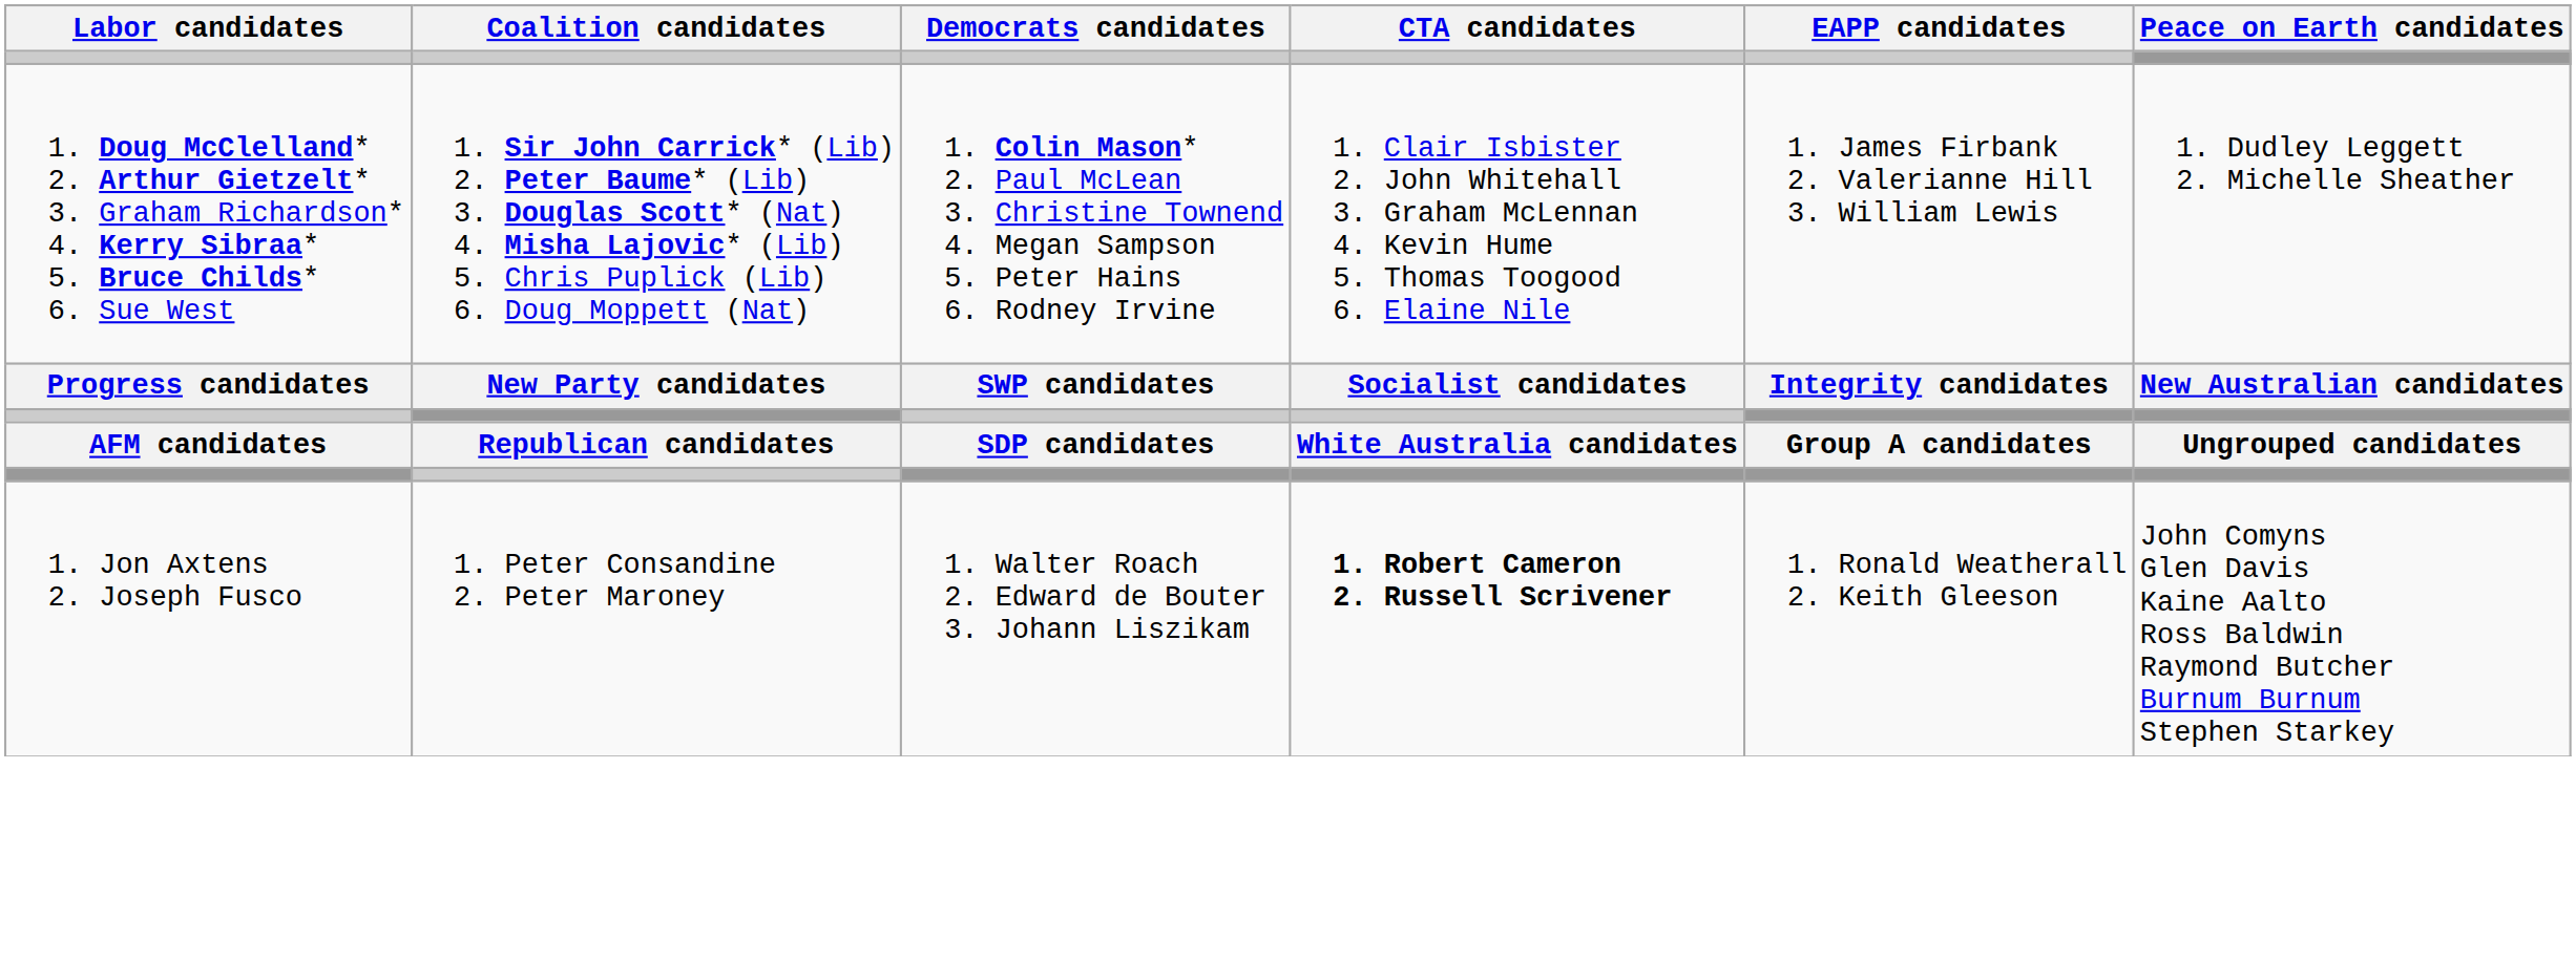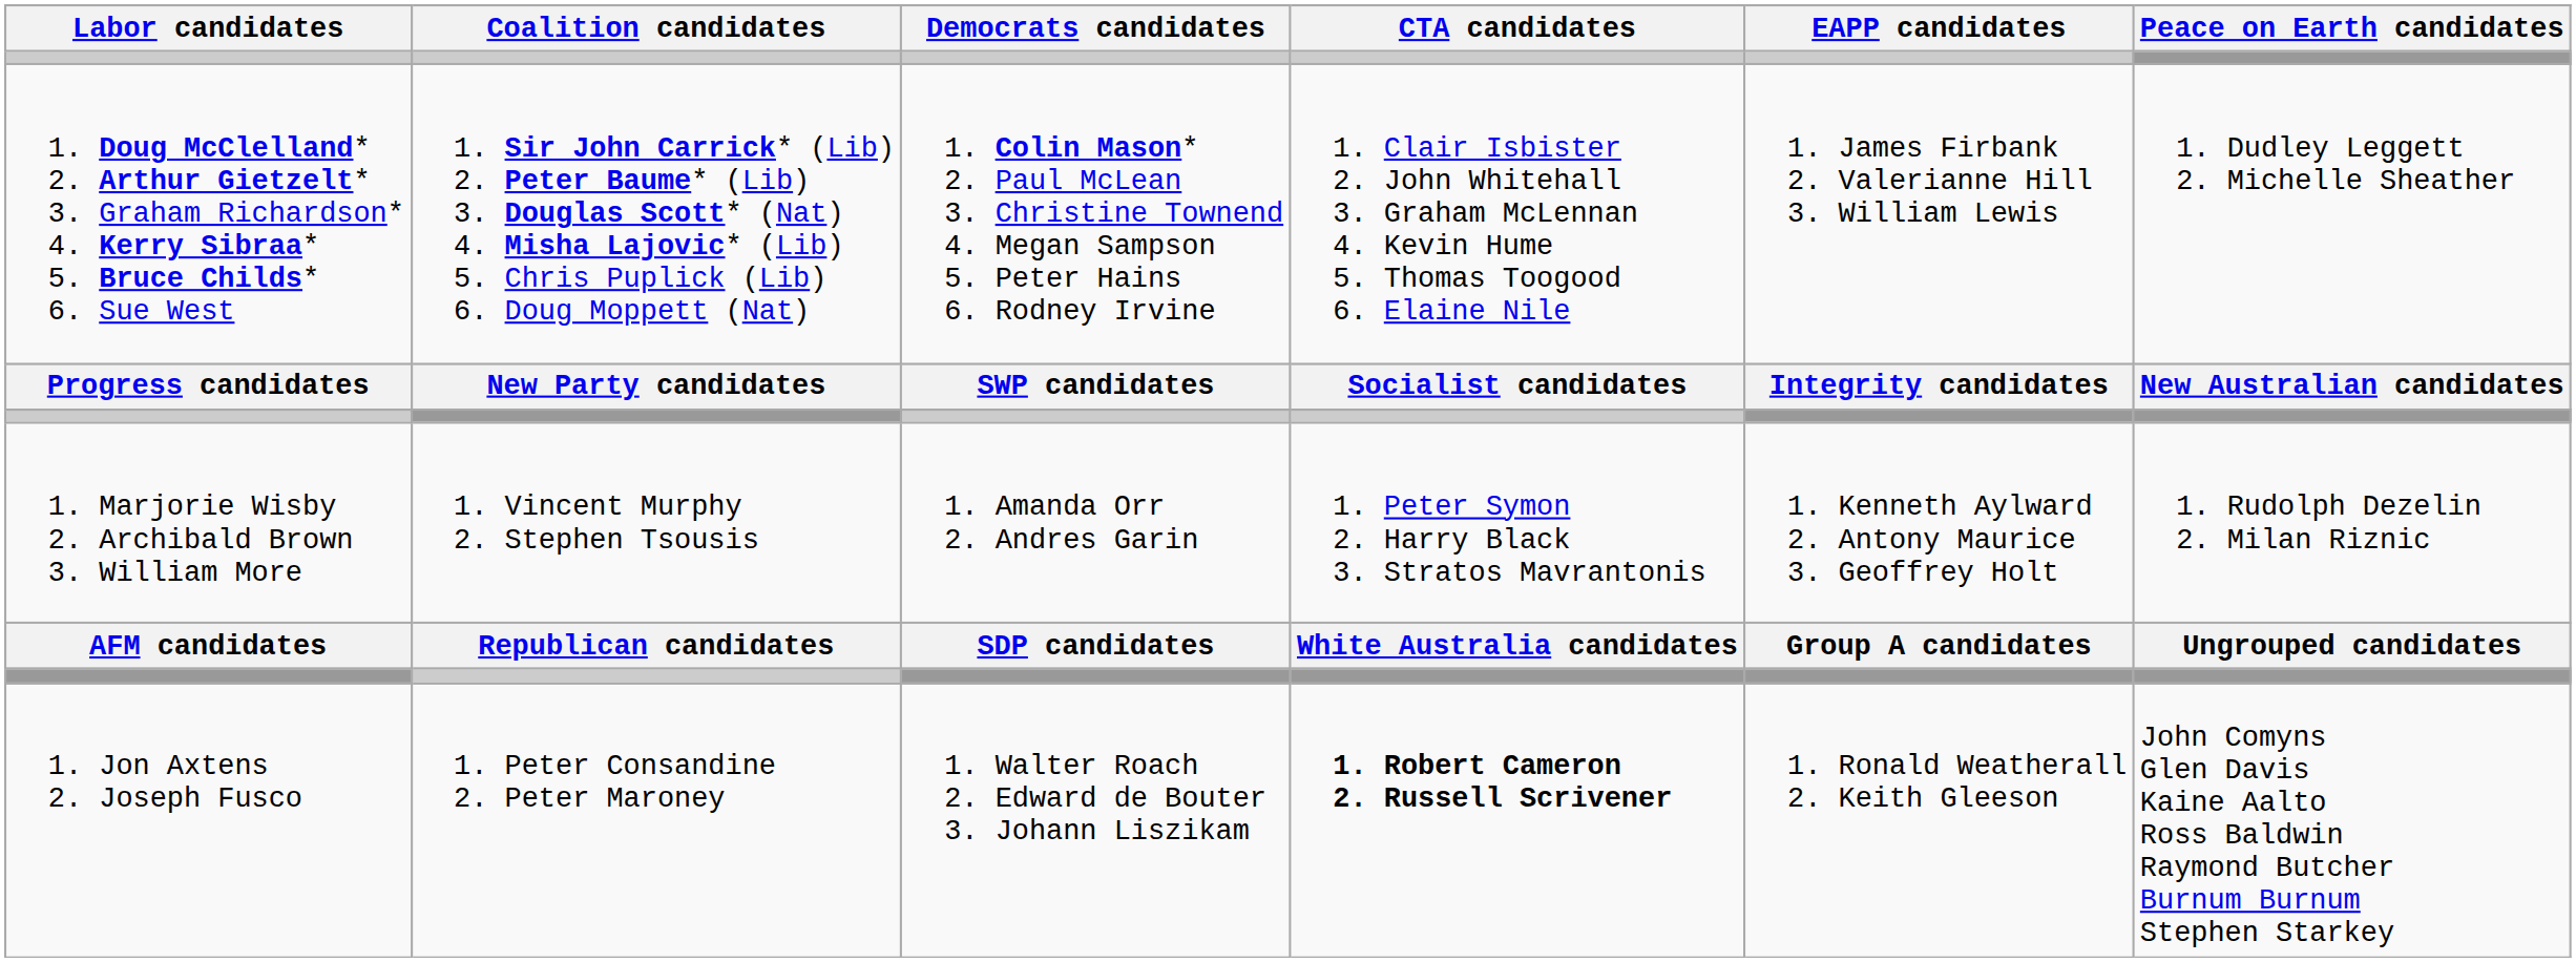 <table class="wikitable">
 <tr>
 <th><a href='#'>Labor</a> candidates</th>
 <th><a href='#'>Coalition</a> candidates</th>
 <th><a href='#'>Democrats</a> candidates</th>
 <th><a href='#'>CTA</a> candidates</th>
 <th><a href='#'>EAPP</a> candidates</th>
 <th><a href='#'>Peace on Earth</a> candidates</th>
 </tr>
 <tr bgcolor="#cccccc">
 <td></td>
 <td></td>
 <td></td>
 <td></td>
 <td></td>
 <td bgcolor="#999999"></td>
 </tr>
 <tr>
 <td><br><ol><li><strong><a href='#'>Doug McClelland</a></strong>*</li><li><strong><a href='#'>Arthur Gietzelt</a></strong>*</li><li><a href='#'>Graham Richardson</a>*</li><li><strong><a href='#'>Kerry Sibraa</a></strong>*</li><li><strong><a href='#'>Bruce Childs</a></strong>*</li><li><a href='#'>Sue West</a></li></ol></td>
 <td><br><ol><li><strong><a href='#'>Sir John Carrick</a></strong>* (<a href='#'>Lib</a>)</li><li><strong><a href='#'>Peter Baume</a></strong>* (<a href='#'>Lib</a>)</li><li><strong><a href='#'>Douglas Scott</a></strong>* (<a href='#'>Nat</a>)</li><li><strong><a href='#'>Misha Lajovic</a></strong>* (<a href='#'>Lib</a>)</li><li><a href='#'>Chris Puplick</a> (<a href='#'>Lib</a>)</li><li><a href='#'>Doug Moppett</a> (<a href='#'>Nat</a>)</li></ol></td>
 <td><br><ol><li><strong><a href='#'>Colin Mason</a></strong>*</li><li><a href='#'>Paul McLean</a></li><li><a href='#'>Christine Townend</a></li><li>Megan Sampson</li><li>Peter Hains</li><li>Rodney Irvine</li></ol></td>
 <td valign=top><br><ol><li><a href='#'>Clair Isbister</a></li><li>John Whitehall</li><li>Graham McLennan</li><li>Kevin Hume</li><li>Thomas Toogood</li><li><a href='#'>Elaine Nile</a></li></ol></td>
 <td valign=top><br><ol><li>James Firbank</li><li>Valerianne Hill</li><li>William Lewis</li></ol></td>
 <td valign=top><br><ol><li>Dudley Leggett</li><li>Michelle Sheather</li></ol></td>
 </tr>
 <tr bgcolor="#cccccc">
 <th><a href='#'>Progress</a> candidates</th>
 <th><a href='#'>New Party</a> candidates</th>
 <th><a href='#'>SWP</a> candidates</th>
 <th><a href='#'>Socialist</a> candidates</th>
 <th><a href='#'>Integrity</a> candidates</th>
 <th><a href='#'>New Australian</a> candidates</th>
 </tr>
 <tr bgcolor="#cccccc">
 <td></td>
 <td bgcolor="#999999"></td>
 <td></td>
 <td></td>
 <td bgcolor="#999999"></td>
 <td bgcolor="#999999"></td>
 </tr>
+<tr>
+<td valign=top><br><ol><li>Marjorie Wisby</li><li>Archibald Brown</li><li>William More</li></ol></td>
+<td valign=top><br><ol><li>Vincent Murphy</li><li>Stephen Tsousis</li></ol></td>
+<td valign=top><br><ol><li>Amanda Orr</li><li>Andres Garin</li></ol></td>
+<td valign=top><br><ol><li><a href='#'>Peter Symon</a></li><li>Harry Black</li><li>Stratos Mavrantonis</li></ol></td>
+<td valign=top><br><ol><li>Kenneth Aylward</li><li>Antony Maurice</li><li>Geoffrey Holt</li></ol></td>
+<td valign=top><br><ol><li>Rudolph Dezelin</li><li>Milan Riznic</li></ol></td>
+</tr>
 <tr bgcolor="#cccccc">
 <th><a href='#'>AFM</a> candidates</th>
 <th><a href='#'>Republican</a> candidates</th>
 <th><a href='#'>SDP</a> candidates</th>
 <th><a href='#'>White Australia</a> candidates</th>
 <th>Group A candidates</th>
 <th>Ungrouped candidates</th>
 </tr>
 <tr bgcolor="#cccccc">
 <td bgcolor="#999999"></td>
 <td></td>
 <td bgcolor="#999999"></td>
 <td bgcolor="#999999"></td>
 <td bgcolor="#999999"></td>
 <td bgcolor="#999999"></td>
 </tr>
 <tr>
 <td valign=top><br><ol><li>Jon Axtens</li><li>Joseph Fusco</li></ol></td>
 <td valign=top><br><ol><li>Peter Consandine</li><li>Peter Maroney</li></ol></td>
 <td valign=top><br><ol><li>Walter Roach</li><li>Edward de Bouter</li><li>Johann Liszikam</li></ol></td>
 <td valign=top><strong><br><ol><li>Robert Cameron</li><li>Russell Scrivener</li></ol></strong></td>
 <td valign=top><br><ol><li>Ronald Weatherall</li><li>Keith Gleeson</li></ol></td>
 <td valign=top><br>John Comyns<br> Glen Davis<br> Kaine Aalto<br> Ross Baldwin<br> Raymond Butcher<br> <a href='#'>Burnum Burnum</a><br> Stephen Starkey</td>
 </tr>
 </table>
